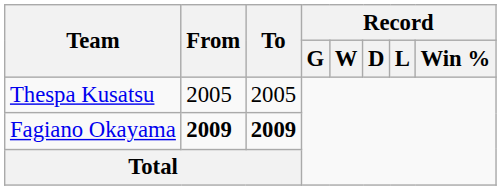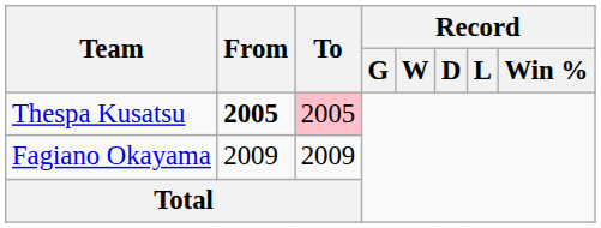 <table class="wikitable" style="text-align: center">
 <tr>
 <th rowspan="2">Team</th>
 <th rowspan="2">From</th>
 <th rowspan="2">To</th>
 <th colspan="5">Record</th>
 </tr>
 <tr>
 <th>G</th>
 <th>W</th>
 <th>D</th>
 <th>L</th>
 <th>Win %</th>
 </tr>
 <tr>
 <td align="left"><a href='#'>Thespa Kusatsu</a></td>
-<td align="left">2005</td>
-<td align="left">2005<br></td>
+<td align="left"><strong>2005</strong></td>
+<td align="left" style="background: pink;">2005<br></td>
 </tr>
 <tr>
 <td align="left"><a href='#'>Fagiano Okayama</a></td>
-<td align="left"><strong>2009</strong></td>
-<td align="left"><strong>2009<br></strong></td>
+<td align="left">2009</td>
+<td align="left">2009<br></td>
 </tr>
 <tr>
 <th colspan="3">Total<br></th>
 </tr>
 </table>
